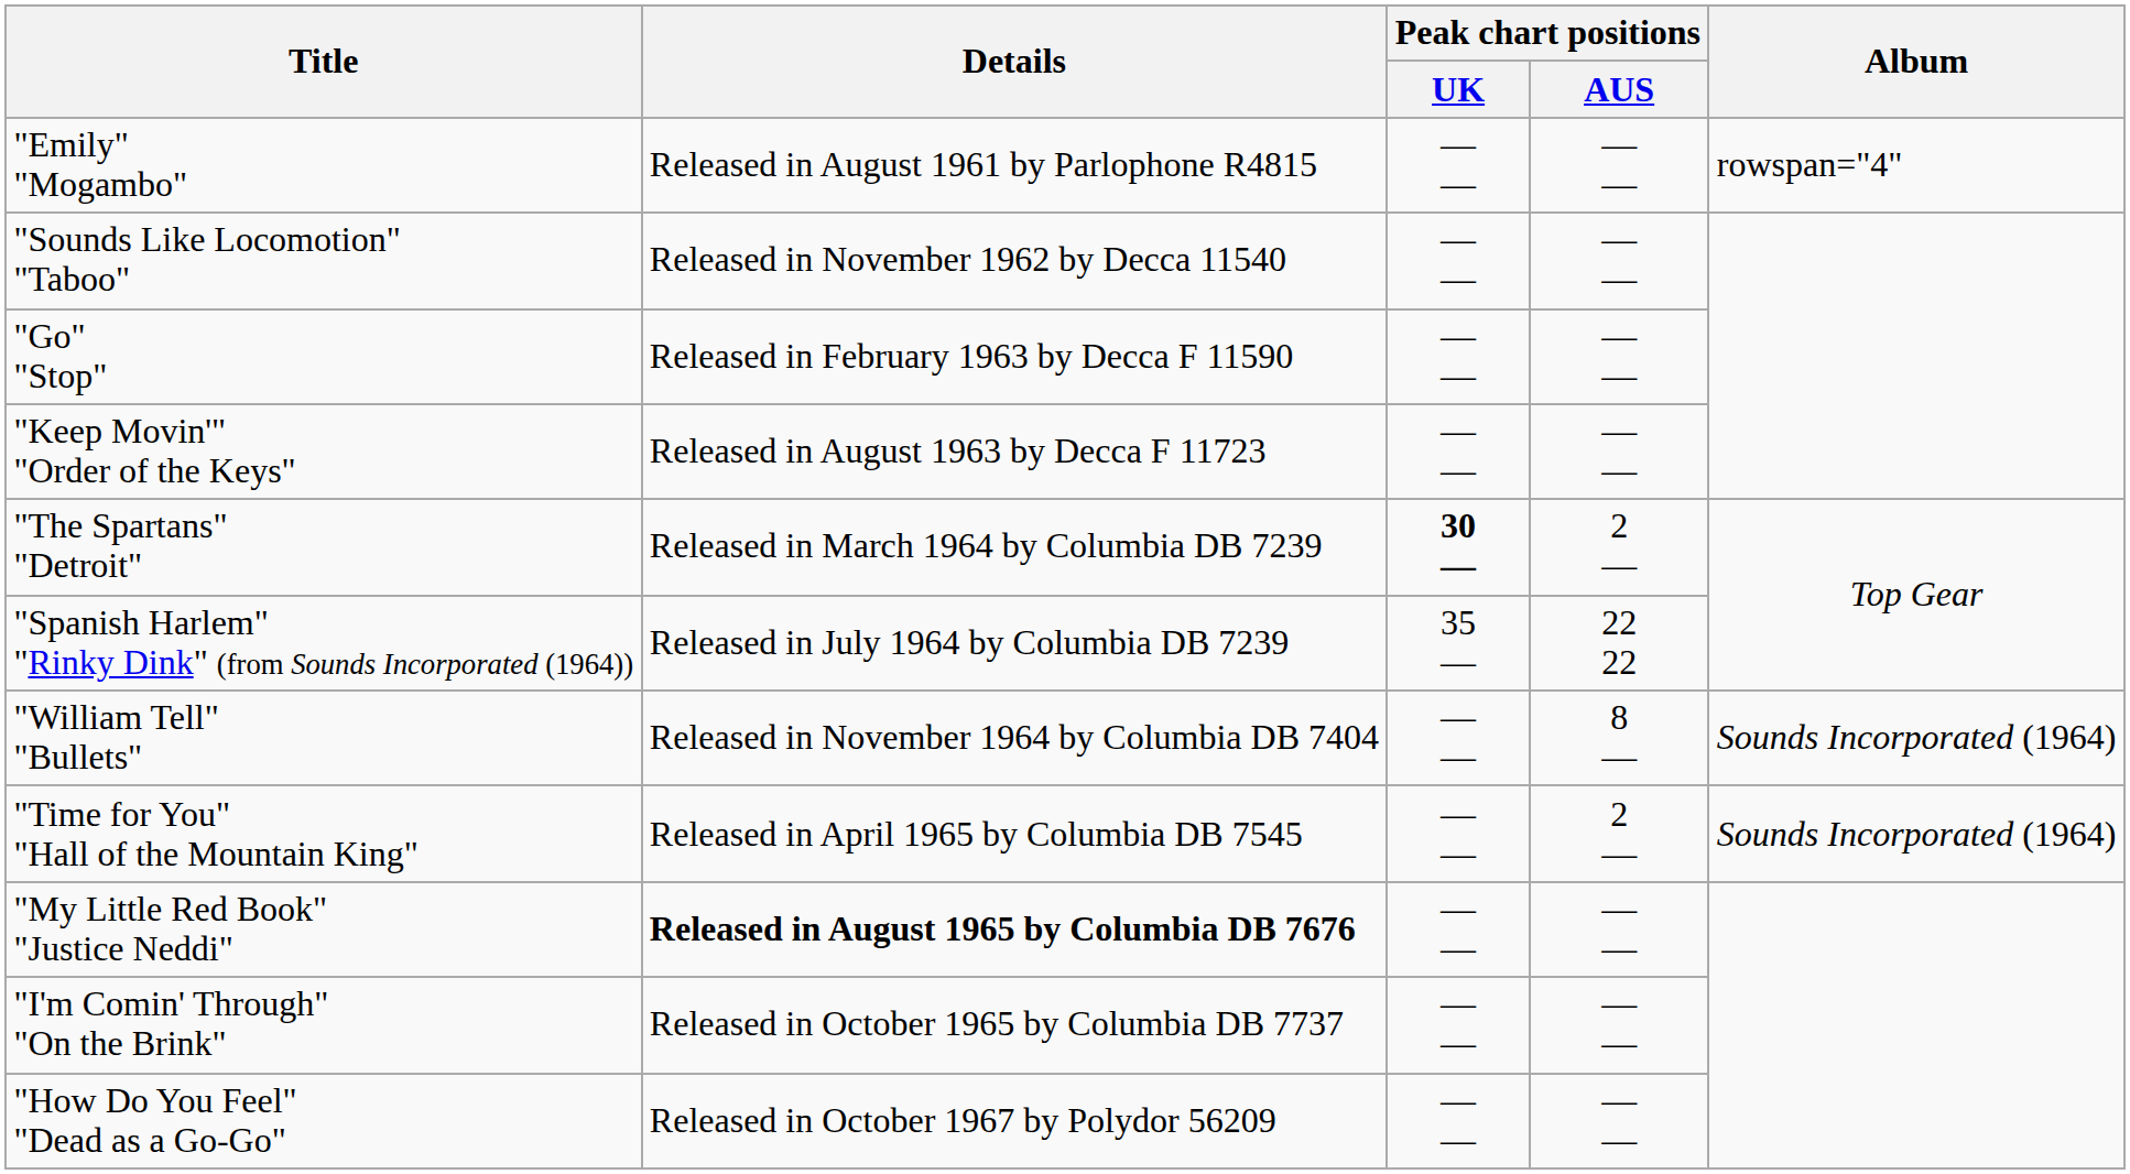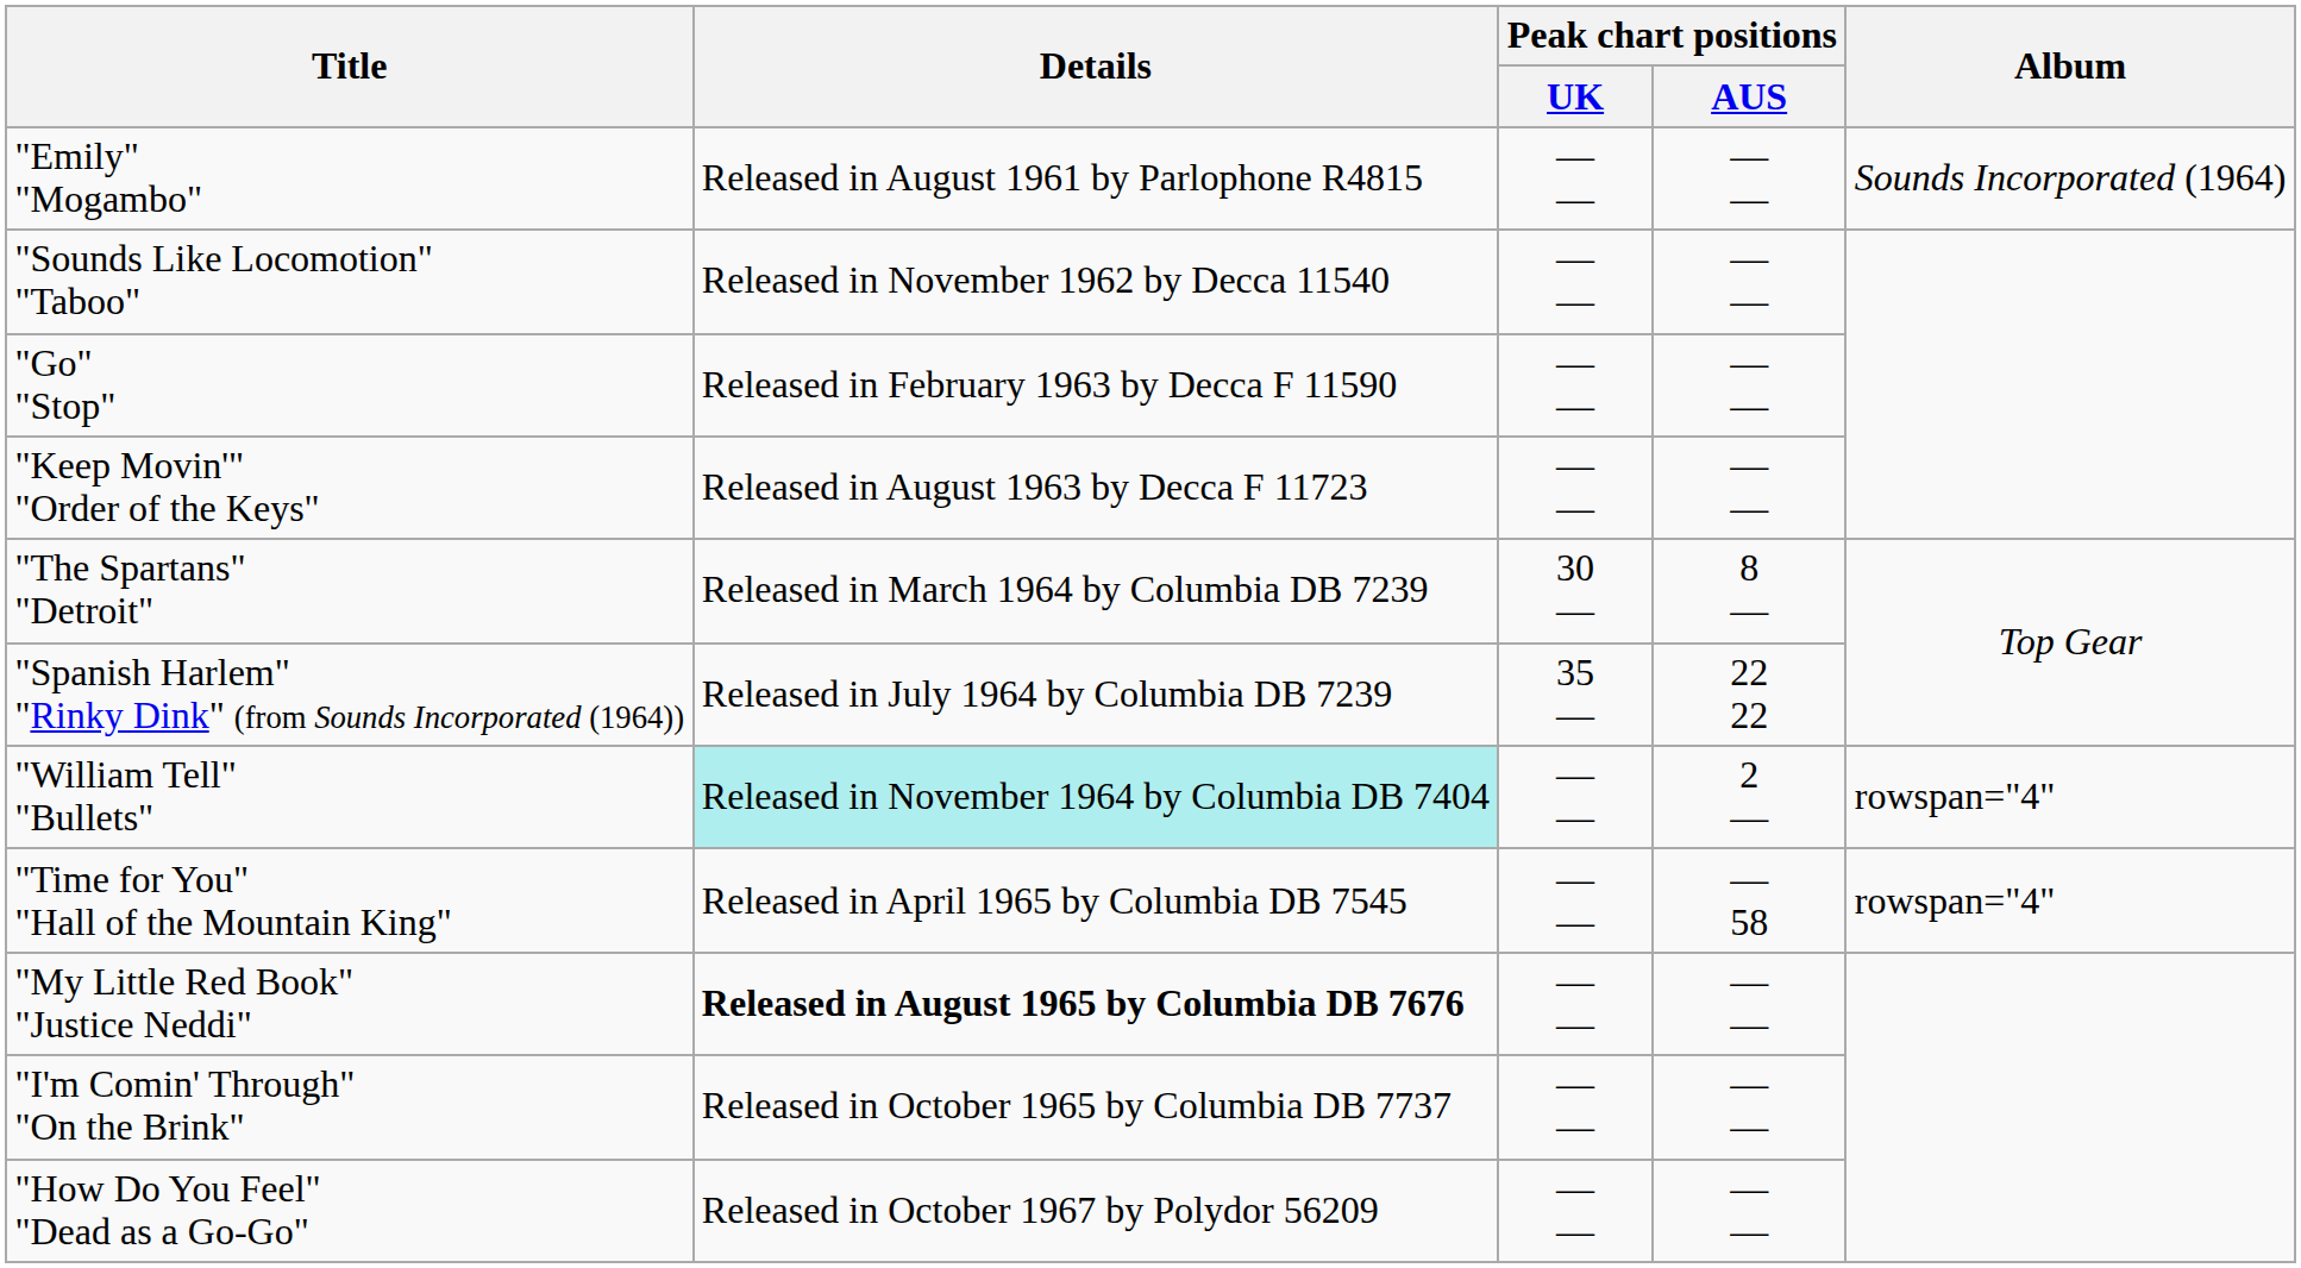 <table class="wikitable">
 <tr>
 <th rowspan="2">Title</th>
 <th rowspan="2">Details</th>
 <th colspan="2">Peak chart positions</th>
 <th rowspan="2">Album</th>
 </tr>
 <tr>
 <th><a href='#'>UK</a><br></th>
 <th><a href='#'>AUS</a><br></th>
 </tr>
 <tr>
 <td>"Emily"<br>"Mogambo"</td>
 <td>Released in August 1961 by Parlophone R4815</td>
 <td align="center">—<br>—</td>
 <td align="center">—<br>—</td>
-<td>rowspan="4"</td>
+<td align="center"><em>Sounds Incorporated</em> (1964)</td>
 </tr>
 <tr>
 <td>"Sounds Like Locomotion"<br>"Taboo"</td>
 <td>Released in November 1962 by Decca 11540</td>
 <td align="center">—<br>—</td>
 <td align="center">—<br>—</td>
 </tr>
 <tr>
 <td>"Go"<br>"Stop"</td>
 <td>Released in February 1963 by Decca F 11590</td>
 <td align="center">—<br>—</td>
 <td align="center">—<br>—</td>
 </tr>
 <tr>
 <td>"Keep Movin'"<br>"Order of the Keys"</td>
 <td>Released in August 1963 by Decca F 11723</td>
 <td align="center">—<br>—</td>
 <td align="center">—<br>—</td>
 </tr>
 <tr>
 <td>"The Spartans"<br>"Detroit"</td>
 <td>Released in March 1964 by Columbia DB 7239</td>
-<td align="center"><strong>30<br>—</strong></td>
-<td align="center">2<br>—</td>
+<td align="center">30<br>—</td>
+<td align="center">8<br>—</td>
 <td rowspan="2" align="center"><em>Top Gear</em></td>
 </tr>
 <tr>
 <td>"Spanish Harlem"<br>"<a href='#'>Rinky Dink</a>" <small>(from <em>Sounds Incorporated</em> (1964))</small></td>
 <td>Released in July 1964 by Columbia DB 7239</td>
 <td align="center">35<br>—</td>
 <td align="center">22<br>22</td>
 </tr>
 <tr>
 <td>"William Tell"<br>"Bullets"</td>
-<td>Released in November 1964 by Columbia DB 7404</td>
+<td style="background: paleturquoise;">Released in November 1964 by Columbia DB 7404</td>
 <td align="center">—<br>—</td>
-<td align="center">8<br>—</td>
-<td align="center"><em>Sounds Incorporated</em> (1964)</td>
+<td align="center">2<br>—</td>
+<td>rowspan="4"</td>
 </tr>
 <tr>
 <td>"Time for You"<br>"Hall of the Mountain King"</td>
 <td>Released in April 1965 by Columbia DB 7545</td>
 <td align="center">—<br>—</td>
-<td align="center">2<br>—</td>
-<td align="center"><em>Sounds Incorporated</em> (1964)</td>
+<td align="center">—<br>58</td>
+<td>rowspan="4"</td>
 </tr>
 <tr>
 <td>"My Little Red Book"<br>"Justice Neddi"</td>
 <td><strong>Released in August 1965 by Columbia DB 7676</strong></td>
 <td align="center">—<br>—</td>
 <td align="center">—<br>—</td>
 </tr>
 <tr>
 <td>"I'm Comin' Through"<br>"On the Brink"</td>
 <td>Released in October 1965 by Columbia DB 7737</td>
 <td align="center">—<br>—</td>
 <td align="center">—<br>—</td>
 </tr>
 <tr>
 <td>"How Do You Feel"<br>"Dead as a Go-Go"</td>
 <td>Released in October 1967 by Polydor 56209</td>
 <td align="center">—<br>—</td>
 <td align="center">—<br>—</td>
 </tr>
 </table>
